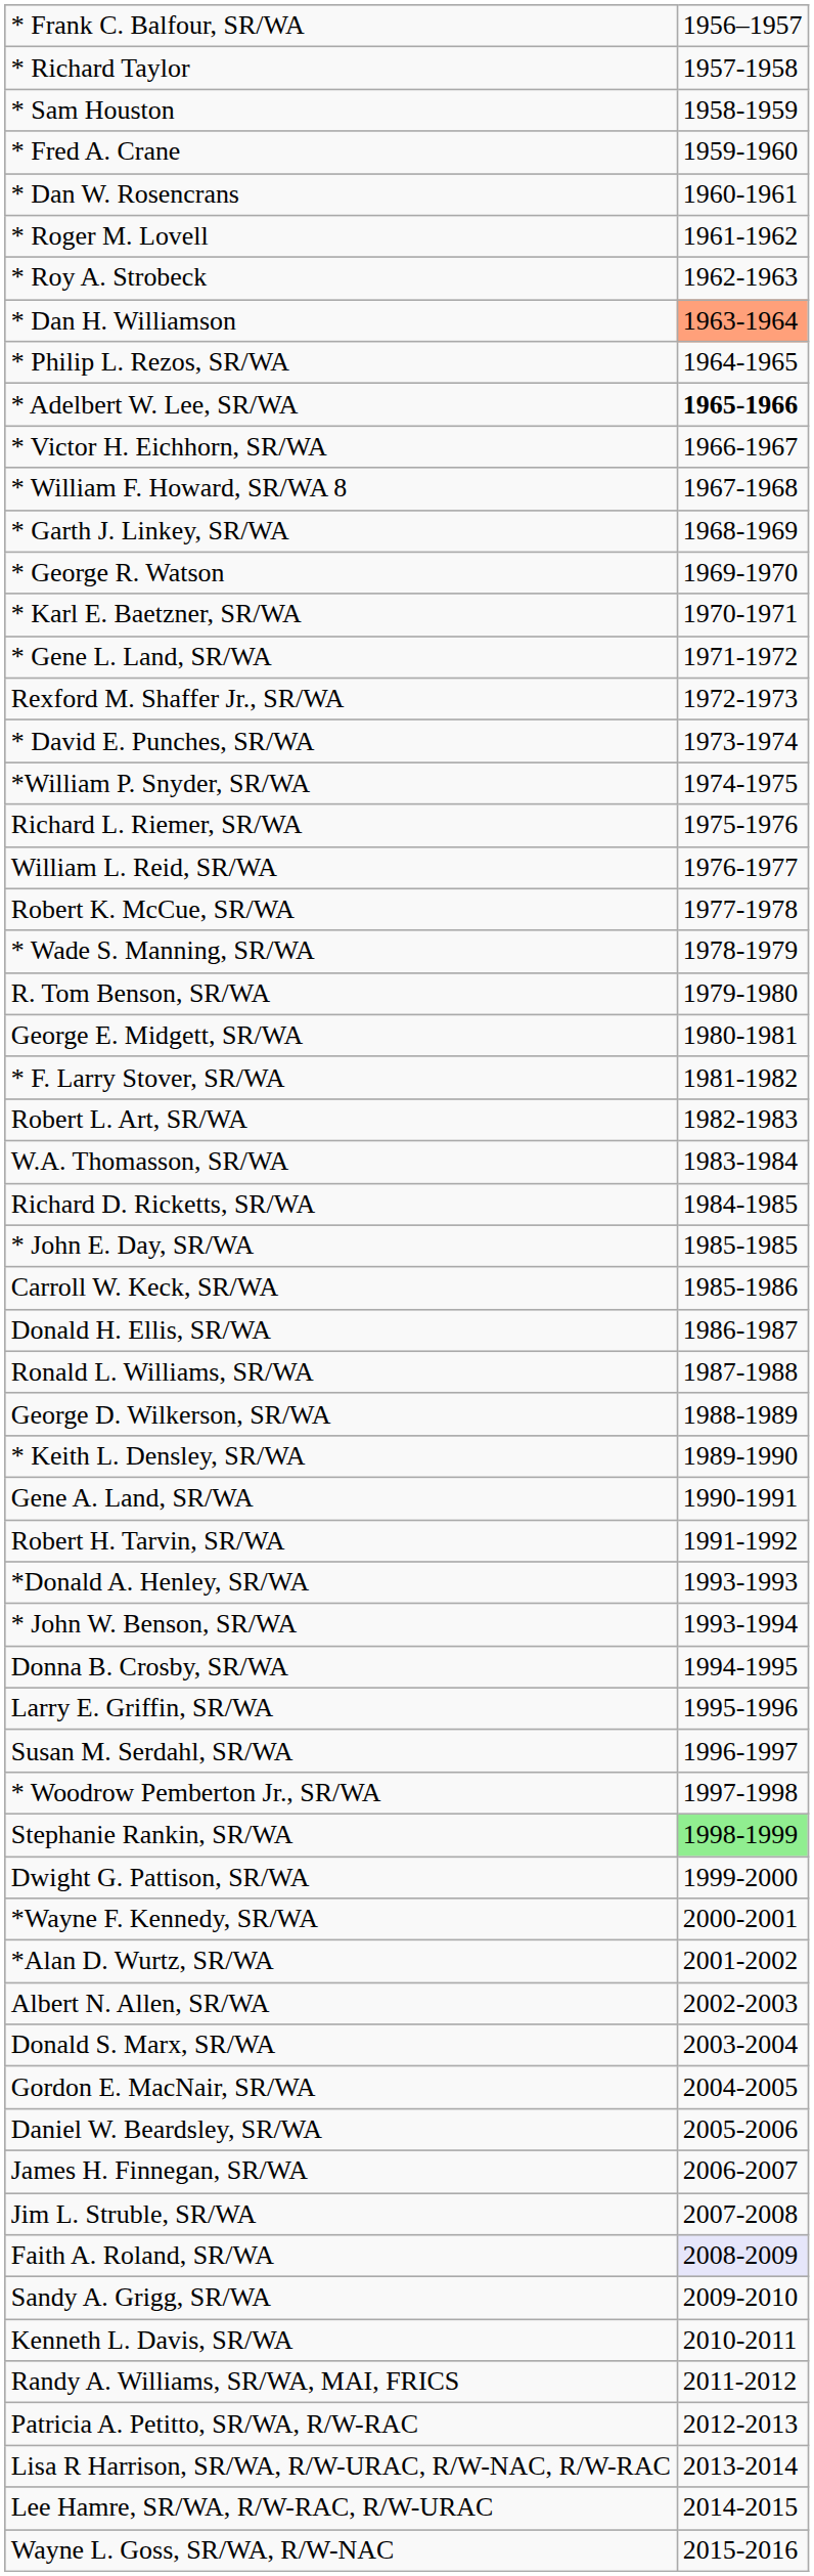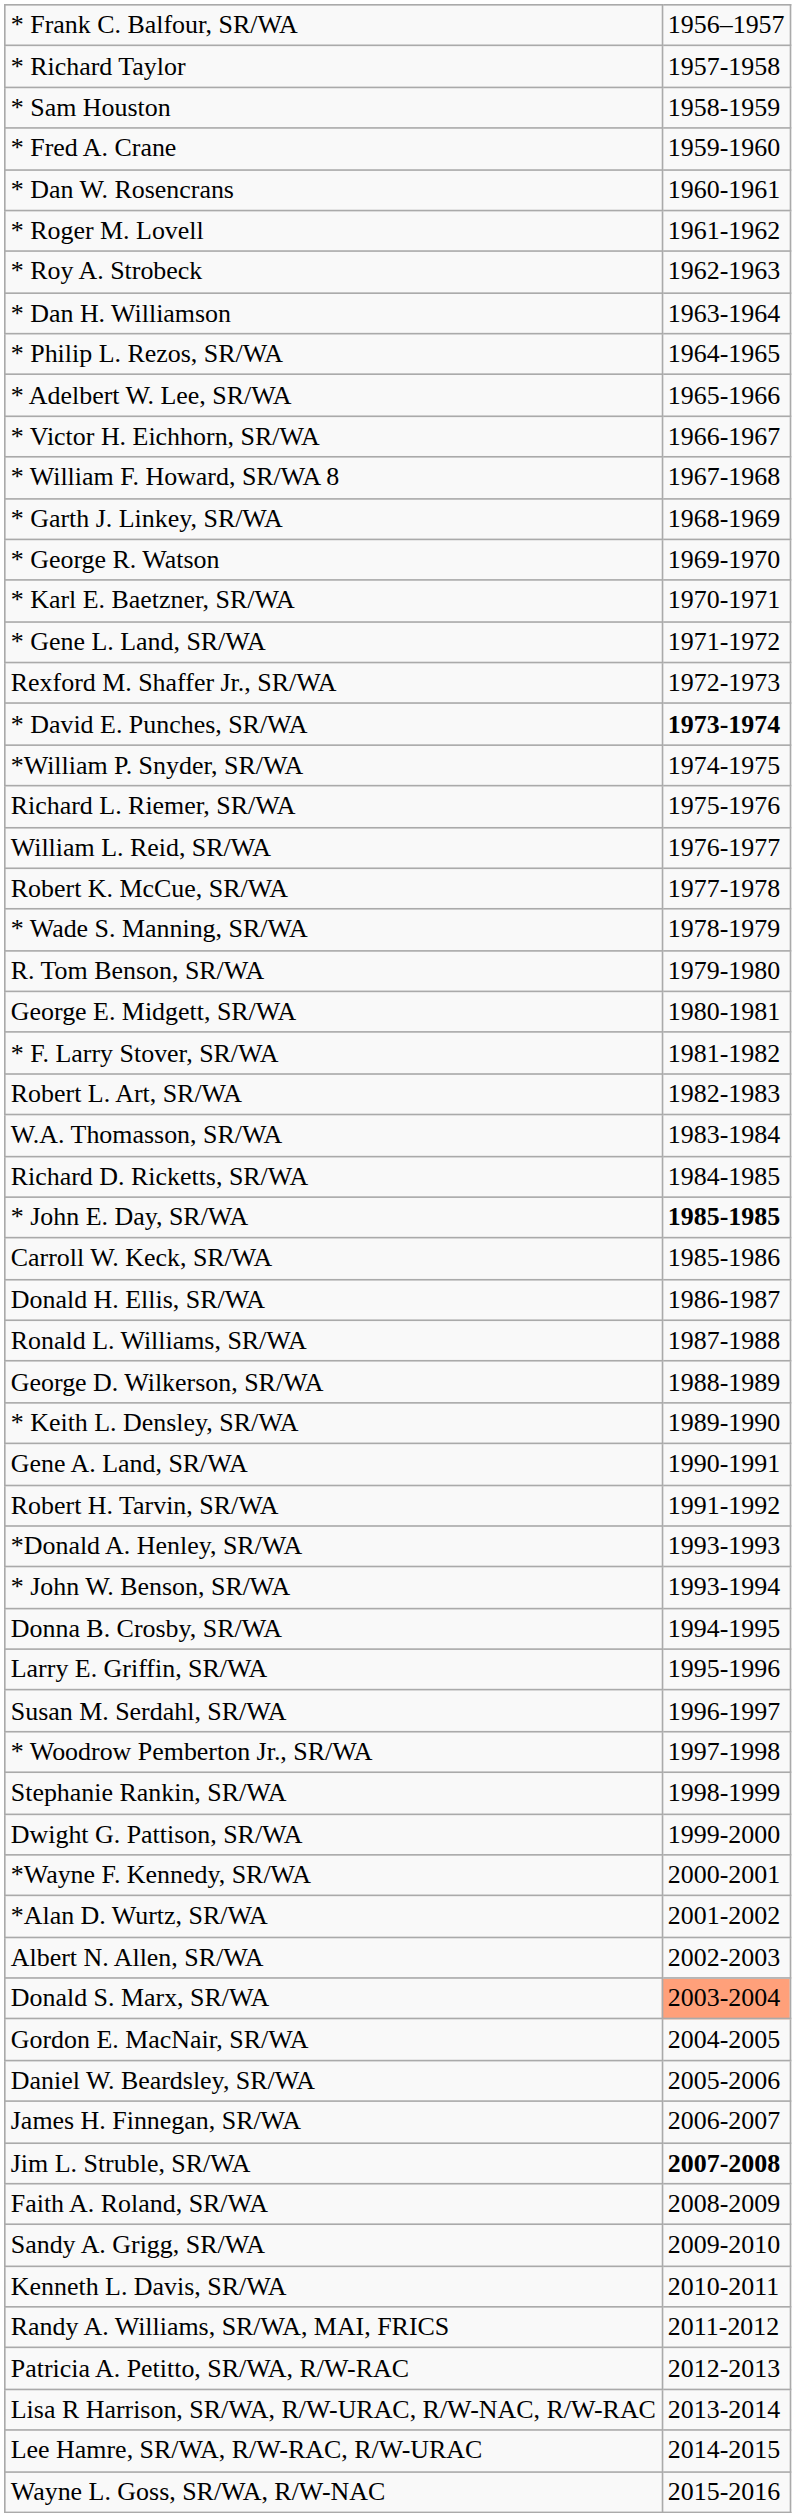 <table class="wikitable">
 <tr>
 <td>* Frank C. Balfour, SR/WA</td>
 <td>1956–1957</td>
 </tr>
 <tr>
 <td>* Richard Taylor</td>
 <td>1957-1958</td>
 </tr>
 <tr>
 <td>* Sam Houston</td>
 <td>1958-1959</td>
 </tr>
 <tr>
 <td>* Fred A. Crane</td>
 <td>1959-1960</td>
 </tr>
 <tr>
 <td>* Dan W. Rosencrans</td>
 <td>1960-1961</td>
 </tr>
 <tr>
 <td>* Roger M. Lovell</td>
 <td>1961-1962</td>
 </tr>
 <tr>
 <td>* Roy A. Strobeck</td>
 <td>1962-1963</td>
 </tr>
 <tr>
 <td>* Dan H. Williamson</td>
-<td style="background: lightsalmon;">1963-1964</td>
+<td>1963-1964</td>
 </tr>
 <tr>
 <td>* Philip L. Rezos, SR/WA</td>
 <td>1964-1965</td>
 </tr>
 <tr>
 <td>* Adelbert W. Lee, SR/WA</td>
-<td><strong>1965-1966</strong></td>
+<td>1965-1966</td>
 </tr>
 <tr>
 <td>* Victor H. Eichhorn, SR/WA</td>
 <td>1966-1967</td>
 </tr>
 <tr>
 <td>* William F. Howard, SR/WA 8</td>
 <td>1967-1968</td>
 </tr>
 <tr>
 <td>* Garth J. Linkey, SR/WA</td>
 <td>1968-1969</td>
 </tr>
 <tr>
 <td>* George R. Watson</td>
 <td>1969-1970</td>
 </tr>
 <tr>
 <td>* Karl E. Baetzner, SR/WA</td>
 <td>1970-1971</td>
 </tr>
 <tr>
 <td>* Gene L. Land, SR/WA</td>
 <td>1971-1972</td>
 </tr>
 <tr>
 <td>Rexford M. Shaffer Jr., SR/WA</td>
 <td>1972-1973</td>
 </tr>
 <tr>
 <td>* David E. Punches, SR/WA</td>
-<td>1973-1974</td>
+<td><strong>1973-1974</strong></td>
 </tr>
 <tr>
 <td>*William P. Snyder, SR/WA</td>
 <td>1974-1975</td>
 </tr>
 <tr>
 <td>Richard L. Riemer, SR/WA</td>
 <td>1975-1976</td>
 </tr>
 <tr>
 <td>William L. Reid, SR/WA</td>
 <td>1976-1977</td>
 </tr>
 <tr>
 <td>Robert K. McCue, SR/WA</td>
 <td>1977-1978</td>
 </tr>
 <tr>
 <td>* Wade S. Manning, SR/WA</td>
 <td>1978-1979</td>
 </tr>
 <tr>
 <td>R. Tom Benson, SR/WA</td>
 <td>1979-1980</td>
 </tr>
 <tr>
 <td>George E. Midgett, SR/WA</td>
 <td>1980-1981</td>
 </tr>
 <tr>
 <td>* F. Larry Stover, SR/WA</td>
 <td>1981-1982</td>
 </tr>
 <tr>
 <td>Robert L. Art, SR/WA</td>
 <td>1982-1983</td>
 </tr>
 <tr>
 <td>W.A. Thomasson, SR/WA</td>
 <td>1983-1984</td>
 </tr>
 <tr>
 <td>Richard D. Ricketts, SR/WA</td>
 <td>1984-1985</td>
 </tr>
 <tr>
 <td>* John E. Day, SR/WA</td>
-<td>1985-1985</td>
+<td><strong>1985-1985</strong></td>
 </tr>
 <tr>
 <td>Carroll W. Keck, SR/WA</td>
 <td>1985-1986</td>
 </tr>
 <tr>
 <td>Donald H. Ellis, SR/WA</td>
 <td>1986-1987</td>
 </tr>
 <tr>
 <td>Ronald L. Williams, SR/WA</td>
 <td>1987-1988</td>
 </tr>
 <tr>
 <td>George D. Wilkerson, SR/WA</td>
 <td>1988-1989</td>
 </tr>
 <tr>
 <td>* Keith L. Densley, SR/WA</td>
 <td>1989-1990</td>
 </tr>
 <tr>
 <td>Gene A. Land, SR/WA</td>
 <td>1990-1991</td>
 </tr>
 <tr>
 <td>Robert H. Tarvin, SR/WA</td>
 <td>1991-1992</td>
 </tr>
 <tr>
 <td>*Donald A. Henley, SR/WA</td>
 <td>1993-1993</td>
 </tr>
 <tr>
 <td>* John W. Benson, SR/WA</td>
 <td>1993-1994</td>
 </tr>
 <tr>
 <td>Donna B. Crosby, SR/WA</td>
 <td>1994-1995</td>
 </tr>
 <tr>
 <td>Larry E. Griffin, SR/WA</td>
 <td>1995-1996</td>
 </tr>
 <tr>
 <td>Susan M. Serdahl, SR/WA</td>
 <td>1996-1997</td>
 </tr>
 <tr>
 <td>* Woodrow Pemberton Jr., SR/WA</td>
 <td>1997-1998</td>
 </tr>
 <tr>
 <td>Stephanie Rankin, SR/WA</td>
-<td style="background: lightgreen;">1998-1999</td>
+<td>1998-1999</td>
 </tr>
 <tr>
 <td>Dwight G. Pattison, SR/WA</td>
 <td>1999-2000</td>
 </tr>
 <tr>
 <td>*Wayne F. Kennedy, SR/WA</td>
 <td>2000-2001</td>
 </tr>
 <tr>
 <td>*Alan D. Wurtz, SR/WA</td>
 <td>2001-2002</td>
 </tr>
 <tr>
 <td>Albert N. Allen, SR/WA</td>
 <td>2002-2003</td>
 </tr>
 <tr>
 <td>Donald S. Marx, SR/WA</td>
-<td>2003-2004</td>
+<td style="background: lightsalmon;">2003-2004</td>
 </tr>
 <tr>
 <td>Gordon E. MacNair, SR/WA</td>
 <td>2004-2005</td>
 </tr>
 <tr>
 <td>Daniel W. Beardsley, SR/WA</td>
 <td>2005-2006</td>
 </tr>
 <tr>
 <td>James H. Finnegan, SR/WA</td>
 <td>2006-2007</td>
 </tr>
 <tr>
 <td>Jim L. Struble, SR/WA</td>
-<td>2007-2008</td>
+<td><strong>2007-2008</strong></td>
 </tr>
 <tr>
 <td>Faith A. Roland, SR/WA</td>
-<td style="background: lavender;">2008-2009</td>
+<td>2008-2009</td>
 </tr>
 <tr>
 <td>Sandy A. Grigg, SR/WA</td>
 <td>2009-2010</td>
 </tr>
 <tr>
 <td>Kenneth L. Davis, SR/WA</td>
 <td>2010-2011</td>
 </tr>
 <tr>
 <td>Randy A. Williams, SR/WA, MAI, FRICS</td>
 <td>2011-2012</td>
 </tr>
 <tr>
 <td><span><span>Patricia A. Petitto, SR/WA, R/W-RAC</span></span></td>
 <td>2012-2013</td>
 </tr>
 <tr>
 <td><span><span>Lisa R Harrison, SR/WA, R/W-URAC, R/W-NAC, R/W-RAC</span></span></td>
 <td>2013-2014</td>
 </tr>
 <tr>
 <td>Lee Hamre, SR/WA, R/W-RAC, R/W-URAC</td>
 <td>2014-2015</td>
 </tr>
 <tr>
 <td>Wayne L. Goss, SR/WA, R/W-NAC</td>
 <td>2015-2016</td>
 </tr>
 <tr>
 </tr>
 </table>
